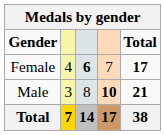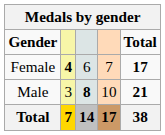 <table class="wikitable" style="font-size:95%; float:right;">
 <tr style="background:#efefef;">
 <th colspan=7>Medals by gender</th>
 </tr>
 <tr align=center>
 <td><strong>Gender</strong></td>
 <td style="background:#f7f6a8;"></td>
 <td style="background:#dce5e5;"></td>
 <td style="background:#ffdab9;"></td>
 <td><strong>Total</strong></td>
 </tr>
 <tr align=center>
 <td>Female</td>
-<td bgcolor=F7F6A8>4</td>
-<td bgcolor=DCE5E5><strong>6</strong></td>
+<td bgcolor=F7F6A8><strong>4</strong></td>
+<td bgcolor=DCE5E5>6</td>
 <td bgcolor=FFDAB9>7</td>
 <td><strong>17</strong></td>
 </tr>
 <tr align=center>
 <td>Male</td>
 <td bgcolor=F7F6A8>3</td>
-<td bgcolor=DCE5E5>8</td>
-<td bgcolor=FFDAB9><strong>10</strong></td>
+<td bgcolor=DCE5E5><strong>8</strong></td>
+<td bgcolor=FFDAB9>10</td>
 <td><strong>21</strong></td>
 </tr>
 <tr align=center>
 <th>Total</th>
 <th style=background:gold>7</th>
 <th style=background:silver>14</th>
 <th style=background:#c96>17</th>
 <th>38</th>
 </tr>
 </table>
